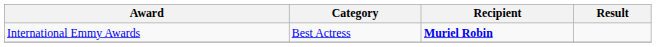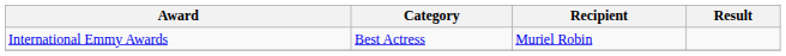 <table class="wikitable" style="width:99%;">
 <tr>
 <th>Award</th>
 <th>Category</th>
 <th>Recipient</th>
 <th>Result</th>
 </tr>
 <tr>
 <td><a href='#'>International Emmy Awards</a></td>
 <td><a href='#'>Best Actress</a></td>
-<td><strong><a href='#'>Muriel Robin</a></strong></td>
+<td><a href='#'>Muriel Robin</a></td>
 <td></td>
 </tr>
 <tr>
 </tr>
 </table>
